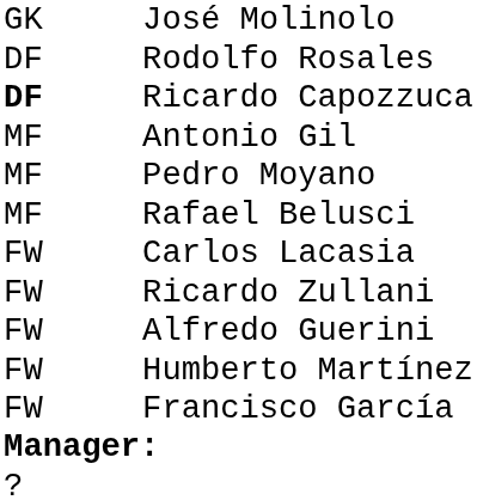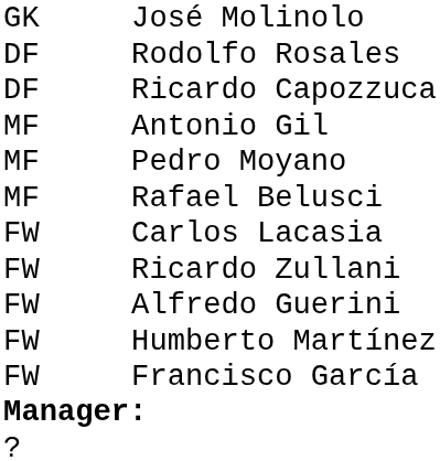 <table style="font-size: 90%" cellspacing="0" cellpadding="0" align=center>
 <tr>
 <th width=25></th>
 <th width=25></th>
 </tr>
 <tr>
 <td>GK</td>
 <td></td>
 <td> José Molinolo</td>
 </tr>
 <tr>
 <td>DF</td>
 <td></td>
 <td> Rodolfo Rosales</td>
 </tr>
 <tr>
-<td><strong>DF</strong></td>
+<td>DF</td>
 <td></td>
 <td> Ricardo Capozzuca</td>
 </tr>
 <tr>
 <td>MF</td>
 <td></td>
 <td> Antonio Gil</td>
 </tr>
 <tr>
 <td>MF</td>
 <td></td>
 <td> Pedro Moyano</td>
 </tr>
 <tr>
 <td>MF</td>
 <td></td>
 <td> Rafael Belusci</td>
 </tr>
 <tr>
 <td>FW</td>
 <td></td>
 <td> Carlos Lacasia</td>
 </tr>
 <tr>
 <td>FW</td>
 <td></td>
 <td> Ricardo Zullani</td>
 </tr>
 <tr>
 <td>FW</td>
 <td></td>
 <td> Alfredo Guerini</td>
 </tr>
 <tr>
 <td>FW</td>
 <td></td>
 <td> Humberto Martínez</td>
 </tr>
 <tr>
 <td>FW</td>
 <td></td>
 <td> Francisco García</td>
 </tr>
 <tr>
 <td colspan=3><strong>Manager:</strong></td>
 </tr>
 <tr>
 <td colspan=4> ?</td>
 </tr>
 </table>
